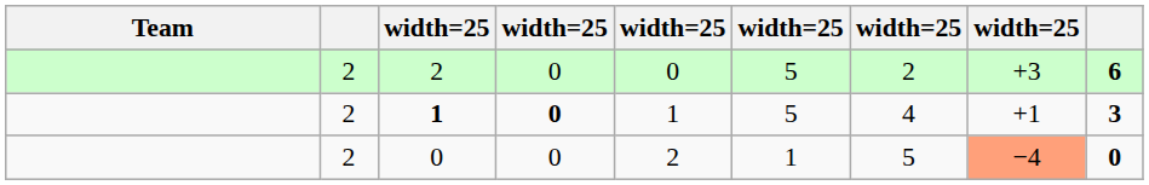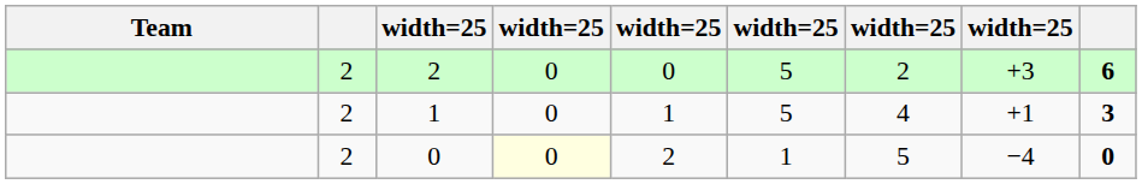 <table class="wikitable sortable" style="text-align: center; font-size: 90%;">
 <tr>
 <th width=165>Team</th>
 <th width=25></th>
 <th>width=25</th>
 <th>width=25</th>
 <th>width=25</th>
 <th>width=25</th>
 <th>width=25</th>
 <th>width=25</th>
 <th width=25></th>
 </tr>
 <tr style="background:#ccffcc">
 <td style="text-align:left;"></td>
 <td>2</td>
 <td>2</td>
 <td>0</td>
 <td>0</td>
 <td>5</td>
 <td>2</td>
 <td>+3</td>
 <td><strong>6</strong></td>
 </tr>
 <tr>
 <td style="text-align:left;"></td>
 <td>2</td>
-<td><strong>1</strong></td>
-<td><strong>0</strong></td>
+<td>1</td>
+<td>0</td>
 <td>1</td>
 <td>5</td>
 <td>4</td>
 <td>+1</td>
 <td><strong>3</strong></td>
 </tr>
 <tr>
 <td style="text-align:left;"></td>
 <td>2</td>
 <td>0</td>
-<td>0</td>
+<td style="background: lightyellow;">0</td>
 <td>2</td>
 <td>1</td>
 <td>5</td>
-<td style="background: lightsalmon;">−4</td>
+<td>−4</td>
 <td><strong>0</strong></td>
 </tr>
 </table>
